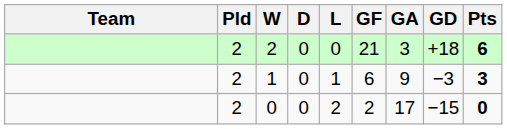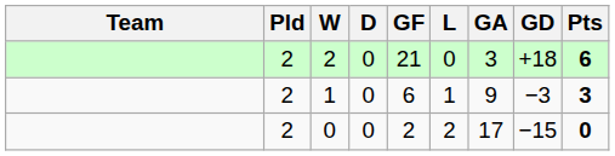 <table class="wikitable" style="text-align:center">
 <tr>
 <th width=175>Team</th>
 <th width=20>Pld</th>
 <th width=20>W</th>
 <th width=20>D</th>
+<th width=20>GF</th>
 <th width=20>L</th>
-<th width=20>GF</th>
 <th width=20>GA</th>
 <th width=20>GD</th>
 <th width=20>Pts</th>
 </tr>
 <tr bgcolor=ccffcc>
 <td align=left></td>
 <td>2</td>
 <td>2</td>
 <td>0</td>
+<td>21</td>
 <td>0</td>
-<td>21</td>
 <td>3</td>
 <td>+18</td>
 <td><strong>6</strong></td>
 </tr>
 <tr>
 <td align=left></td>
 <td>2</td>
 <td>1</td>
 <td>0</td>
+<td>6</td>
 <td>1</td>
-<td>6</td>
 <td>9</td>
 <td>−3</td>
 <td><strong>3</strong></td>
 </tr>
 <tr>
 <td align=left></td>
 <td>2</td>
 <td>0</td>
 <td>0</td>
 <td>2</td>
 <td>2</td>
 <td>17</td>
 <td>−15</td>
 <td><strong>0</strong></td>
 </tr>
 </table>
